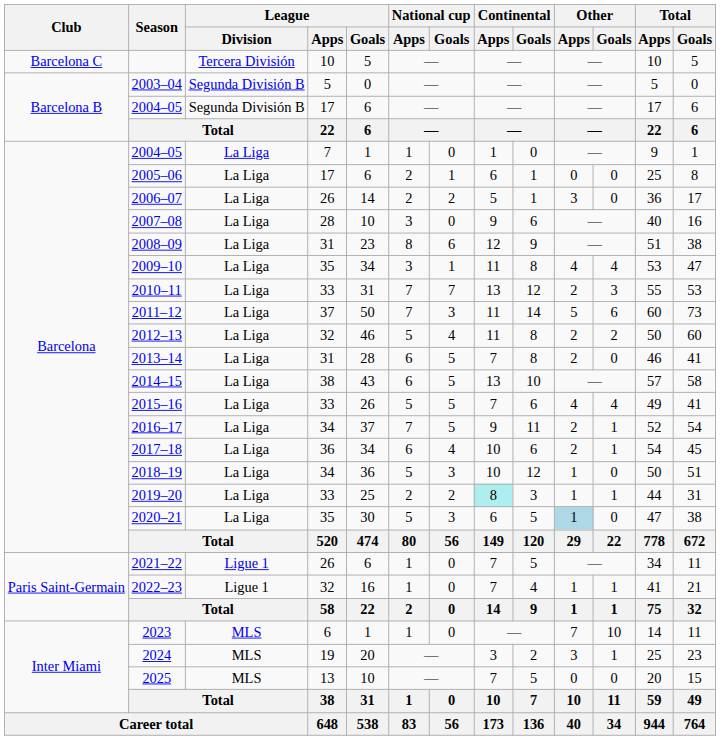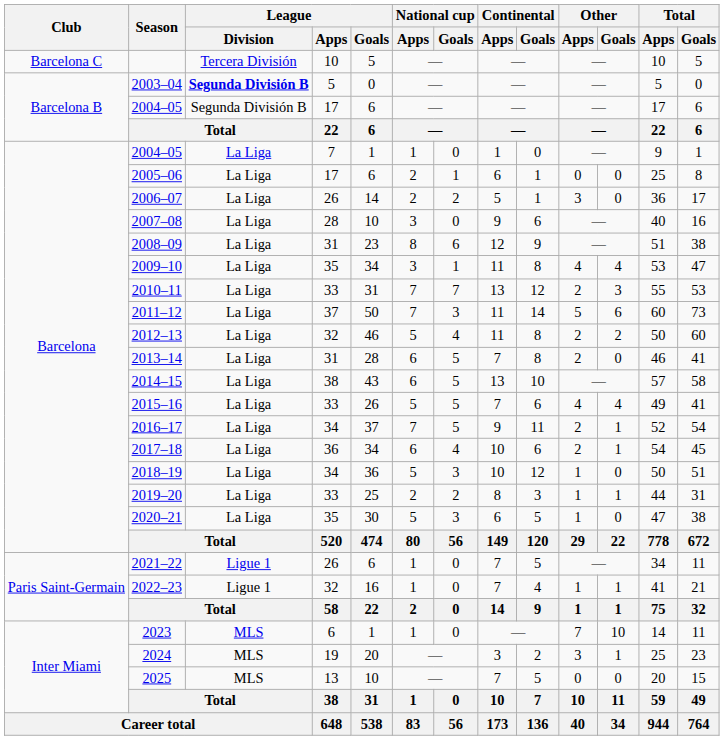 <table class="wikitable" style="text-align: center;">
 <tr>
 <th rowspan="2">Club</th>
 <th rowspan="2">Season</th>
 <th colspan="3">League</th>
 <th colspan="2">National cup</th>
 <th colspan="2">Continental</th>
 <th colspan="2">Other</th>
 <th colspan="2">Total</th>
 </tr>
 <tr>
 <th>Division</th>
 <th>Apps</th>
 <th>Goals</th>
 <th>Apps</th>
 <th>Goals</th>
 <th>Apps</th>
 <th>Goals</th>
 <th>Apps</th>
 <th>Goals</th>
 <th>Apps</th>
 <th>Goals</th>
 </tr>
 <tr>
 <td><a href='#'>Barcelona C</a></td>
 <td></td>
 <td><a href='#'>Tercera División</a></td>
 <td>10</td>
 <td>5</td>
 <td colspan="2">—</td>
 <td colspan="2">—</td>
 <td colspan="2">—</td>
 <td>10</td>
 <td>5</td>
 </tr>
 <tr>
 <td rowspan="3"><a href='#'>Barcelona B</a></td>
 <td><a href='#'>2003–04</a></td>
-<td><a href='#'>Segunda División B</a></td>
+<td><strong><a href='#'>Segunda División B</a></strong></td>
 <td>5</td>
 <td>0</td>
 <td colspan="2">—</td>
 <td colspan="2">—</td>
 <td colspan="2">—</td>
 <td>5</td>
 <td>0</td>
 </tr>
 <tr>
 <td><a href='#'>2004–05</a></td>
 <td>Segunda División B</td>
 <td>17</td>
 <td>6</td>
 <td colspan="2">—</td>
 <td colspan="2">—</td>
 <td colspan="2">—</td>
 <td>17</td>
 <td>6</td>
 </tr>
 <tr>
 <th colspan="2">Total</th>
 <th>22</th>
 <th>6</th>
 <th colspan="2">—</th>
 <th colspan="2">—</th>
 <th colspan="2">—</th>
 <th>22</th>
 <th>6</th>
 </tr>
 <tr>
 <td rowspan="18"><a href='#'>Barcelona</a></td>
 <td><a href='#'>2004–05</a></td>
 <td><a href='#'>La Liga</a></td>
 <td>7</td>
 <td>1</td>
 <td>1</td>
 <td>0</td>
 <td>1</td>
 <td>0</td>
 <td colspan="2">—</td>
 <td>9</td>
 <td>1</td>
 </tr>
 <tr>
 <td><a href='#'>2005–06</a></td>
 <td>La Liga</td>
 <td>17</td>
 <td>6</td>
 <td>2</td>
 <td>1</td>
 <td>6</td>
 <td>1</td>
 <td>0</td>
 <td>0</td>
 <td>25</td>
 <td>8</td>
 </tr>
 <tr>
 <td><a href='#'>2006–07</a></td>
 <td>La Liga</td>
 <td>26</td>
 <td>14</td>
 <td>2</td>
 <td>2</td>
 <td>5</td>
 <td>1</td>
 <td>3</td>
 <td>0</td>
 <td>36</td>
 <td>17</td>
 </tr>
 <tr>
 <td><a href='#'>2007–08</a></td>
 <td>La Liga</td>
 <td>28</td>
 <td>10</td>
 <td>3</td>
 <td>0</td>
 <td>9</td>
 <td>6</td>
 <td colspan="2">—</td>
 <td>40</td>
 <td>16</td>
 </tr>
 <tr>
 <td><a href='#'>2008–09</a></td>
 <td>La Liga</td>
 <td>31</td>
 <td>23</td>
 <td>8</td>
 <td>6</td>
 <td>12</td>
 <td>9</td>
 <td colspan="2">—</td>
 <td>51</td>
 <td>38</td>
 </tr>
 <tr>
 <td><a href='#'>2009–10</a></td>
 <td>La Liga</td>
 <td>35</td>
 <td>34</td>
 <td>3</td>
 <td>1</td>
 <td>11</td>
 <td>8</td>
 <td>4</td>
 <td>4</td>
 <td>53</td>
 <td>47</td>
 </tr>
 <tr>
 <td><a href='#'>2010–11</a></td>
 <td>La Liga</td>
 <td>33</td>
 <td>31</td>
 <td>7</td>
 <td>7</td>
 <td>13</td>
 <td>12</td>
 <td>2</td>
 <td>3</td>
 <td>55</td>
 <td>53</td>
 </tr>
 <tr>
 <td><a href='#'>2011–12</a></td>
 <td>La Liga</td>
 <td>37</td>
 <td>50</td>
 <td>7</td>
 <td>3</td>
 <td>11</td>
 <td>14</td>
 <td>5</td>
 <td>6</td>
 <td>60</td>
 <td>73</td>
 </tr>
 <tr>
 <td><a href='#'>2012–13</a></td>
 <td>La Liga</td>
 <td>32</td>
 <td>46</td>
 <td>5</td>
 <td>4</td>
 <td>11</td>
 <td>8</td>
 <td>2</td>
 <td>2</td>
 <td>50</td>
 <td>60</td>
 </tr>
 <tr>
 <td><a href='#'>2013–14</a></td>
 <td>La Liga</td>
 <td>31</td>
 <td>28</td>
 <td>6</td>
 <td>5</td>
 <td>7</td>
 <td>8</td>
 <td>2</td>
 <td>0</td>
 <td>46</td>
 <td>41</td>
 </tr>
 <tr>
 <td><a href='#'>2014–15</a></td>
 <td>La Liga</td>
 <td>38</td>
 <td>43</td>
 <td>6</td>
 <td>5</td>
 <td>13</td>
 <td>10</td>
 <td colspan="2">—</td>
 <td>57</td>
 <td>58</td>
 </tr>
 <tr>
 <td><a href='#'>2015–16</a></td>
 <td>La Liga</td>
 <td>33</td>
 <td>26</td>
 <td>5</td>
 <td>5</td>
 <td>7</td>
 <td>6</td>
 <td>4</td>
 <td>4</td>
 <td>49</td>
 <td>41</td>
 </tr>
 <tr>
 <td><a href='#'>2016–17</a></td>
 <td>La Liga</td>
 <td>34</td>
 <td>37</td>
 <td>7</td>
 <td>5</td>
 <td>9</td>
 <td>11</td>
 <td>2</td>
 <td>1</td>
 <td>52</td>
 <td>54</td>
 </tr>
 <tr>
 <td><a href='#'>2017–18</a></td>
 <td>La Liga</td>
 <td>36</td>
 <td>34</td>
 <td>6</td>
 <td>4</td>
 <td>10</td>
 <td>6</td>
 <td>2</td>
 <td>1</td>
 <td>54</td>
 <td>45</td>
 </tr>
 <tr>
 <td><a href='#'>2018–19</a></td>
 <td>La Liga</td>
 <td>34</td>
 <td>36</td>
 <td>5</td>
 <td>3</td>
 <td>10</td>
 <td>12</td>
 <td>1</td>
 <td>0</td>
 <td>50</td>
 <td>51</td>
 </tr>
 <tr>
 <td><a href='#'>2019–20</a></td>
 <td>La Liga</td>
 <td>33</td>
 <td>25</td>
 <td>2</td>
 <td>2</td>
-<td style="background: paleturquoise;">8</td>
+<td>8</td>
 <td>3</td>
 <td>1</td>
 <td>1</td>
 <td>44</td>
 <td>31</td>
 </tr>
 <tr>
 <td><a href='#'>2020–21</a></td>
 <td>La Liga</td>
 <td>35</td>
 <td>30</td>
 <td>5</td>
 <td>3</td>
 <td>6</td>
 <td>5</td>
-<td style="background: lightblue;">1</td>
+<td>1</td>
 <td>0</td>
 <td>47</td>
 <td>38</td>
 </tr>
 <tr>
 <th colspan="2">Total</th>
 <th>520</th>
 <th>474</th>
 <th>80</th>
 <th>56</th>
 <th>149</th>
 <th>120</th>
 <th>29</th>
 <th>22</th>
 <th>778</th>
 <th>672</th>
 </tr>
 <tr>
 <td rowspan="3"><a href='#'>Paris Saint-Germain</a></td>
 <td><a href='#'>2021–22</a></td>
 <td><a href='#'>Ligue 1</a></td>
 <td>26</td>
 <td>6</td>
 <td>1</td>
 <td>0</td>
 <td>7</td>
 <td>5</td>
 <td colspan="2">—</td>
 <td>34</td>
 <td>11</td>
 </tr>
 <tr>
 <td><a href='#'>2022–23</a></td>
 <td>Ligue 1</td>
 <td>32</td>
 <td>16</td>
 <td>1</td>
 <td>0</td>
 <td>7</td>
 <td>4</td>
 <td>1</td>
 <td>1</td>
 <td>41</td>
 <td>21</td>
 </tr>
 <tr>
 <th colspan="2">Total</th>
 <th>58</th>
 <th>22</th>
 <th>2</th>
 <th>0</th>
 <th>14</th>
 <th>9</th>
 <th>1</th>
 <th>1</th>
 <th>75</th>
 <th>32</th>
 </tr>
 <tr>
 <td rowspan="4"><a href='#'>Inter Miami</a></td>
 <td><a href='#'>2023</a></td>
 <td><a href='#'>MLS</a></td>
 <td>6</td>
 <td>1</td>
 <td>1</td>
 <td>0</td>
 <td colspan="2">—</td>
 <td>7</td>
 <td>10</td>
 <td>14</td>
 <td>11</td>
 </tr>
 <tr>
 <td><a href='#'>2024</a></td>
 <td>MLS</td>
 <td>19</td>
 <td>20</td>
 <td colspan="2">—</td>
 <td>3</td>
 <td>2</td>
 <td>3</td>
 <td>1</td>
 <td>25</td>
 <td>23</td>
 </tr>
 <tr>
 <td><a href='#'>2025</a></td>
 <td>MLS</td>
 <td>13</td>
 <td>10</td>
 <td colspan="2">—</td>
 <td>7</td>
 <td>5</td>
 <td>0</td>
 <td>0</td>
 <td>20</td>
 <td>15</td>
 </tr>
 <tr>
 <th colspan="2">Total</th>
 <th>38</th>
 <th>31</th>
 <th>1</th>
 <th>0</th>
 <th>10</th>
 <th>7</th>
 <th>10</th>
 <th>11</th>
 <th>59</th>
 <th>49</th>
 </tr>
 <tr>
 <th colspan="3">Career total</th>
 <th>648</th>
 <th>538</th>
 <th>83</th>
 <th>56</th>
 <th>173</th>
 <th>136</th>
 <th>40</th>
 <th>34</th>
 <th>944</th>
 <th>764</th>
 </tr>
 </table>
